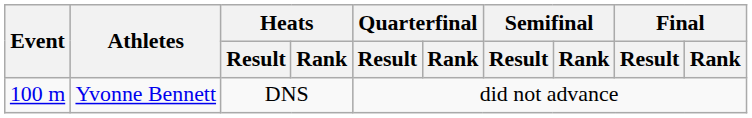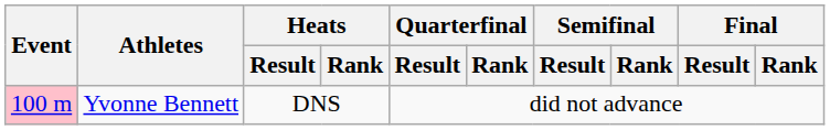 <table class="wikitable" border="1" style="font-size:90%">
 <tr>
 <th rowspan="2">Event</th>
 <th rowspan="2">Athletes</th>
 <th colspan="2">Heats</th>
 <th colspan="2">Quarterfinal</th>
 <th colspan="2">Semifinal</th>
 <th colspan="2">Final</th>
 </tr>
 <tr>
 <th>Result</th>
 <th>Rank</th>
 <th>Result</th>
 <th>Rank</th>
 <th>Result</th>
 <th>Rank</th>
 <th>Result</th>
 <th>Rank</th>
 </tr>
 <tr>
-<td><a href='#'>100 m</a></td>
+<td style="background: pink;"><a href='#'>100 m</a></td>
 <td><a href='#'>Yvonne Bennett</a></td>
 <td align=center colspan="2">DNS</td>
 <td align=center colspan="6">did not advance</td>
 </tr>
 </table>
